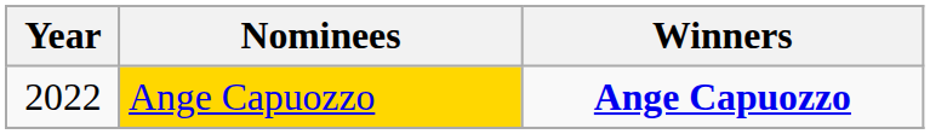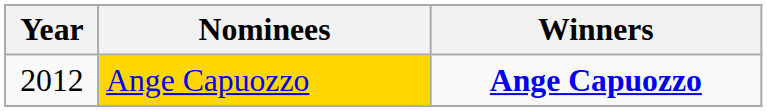 <table class="wikitable">
 <tr>
 <th width=40>Year</th>
 <th width=160>Nominees</th>
 <th width=160>Winners</th>
 </tr>
 <tr>
-<td align=center>2022</td>
+<td align=center>2012</td>
 <td style="background: gold;"><a href='#'>Ange Capuozzo</a></td>
 <td align=center><strong><a href='#'>Ange Capuozzo</a></strong></td>
 </tr>
 <tr>
 </tr>
 </table>
